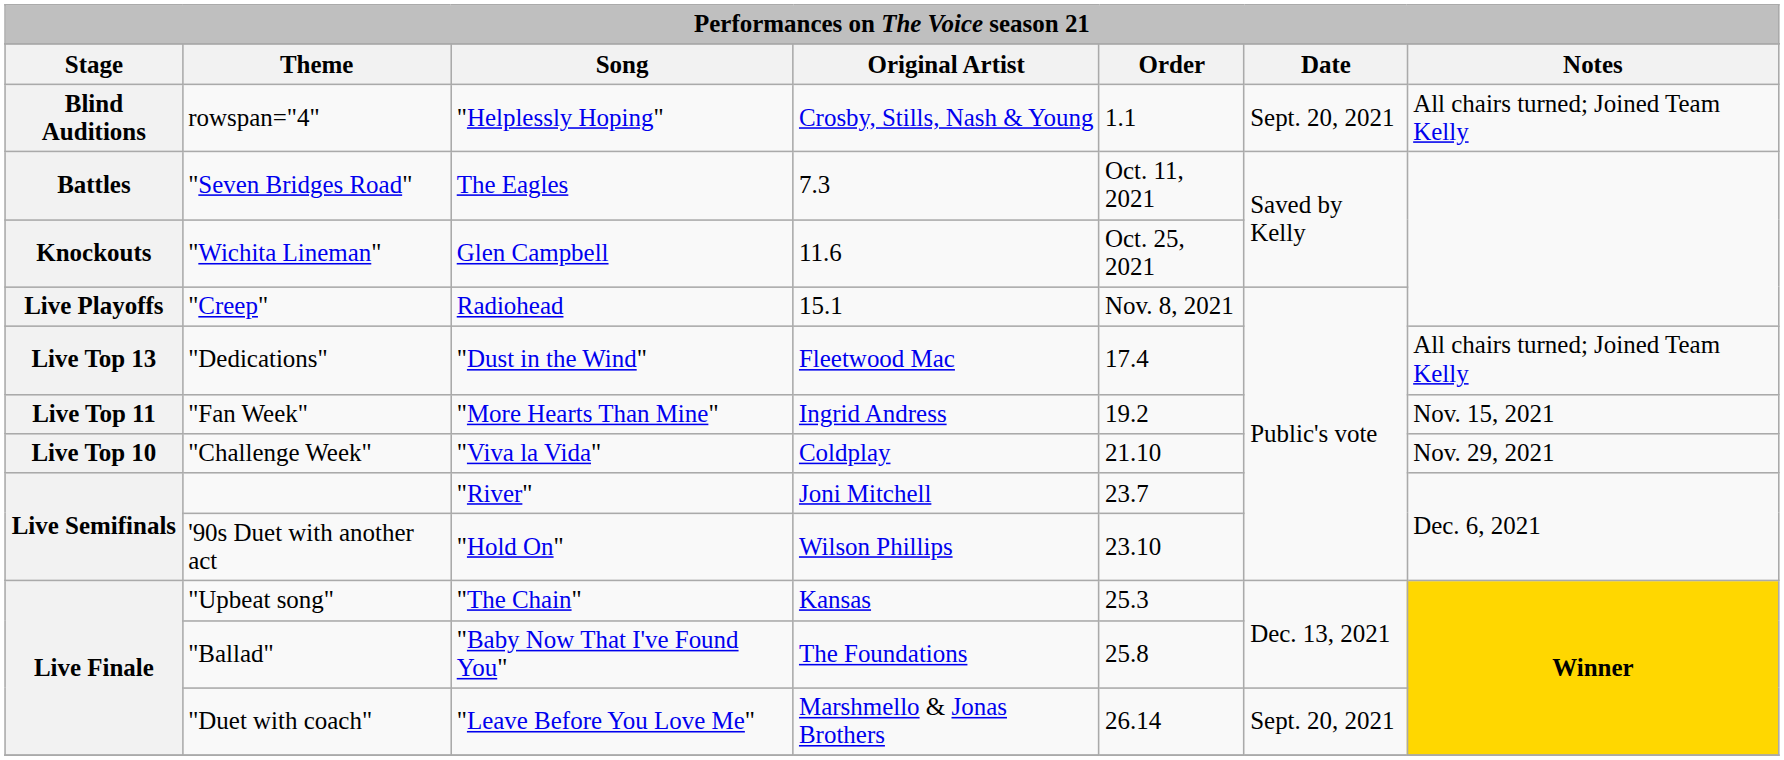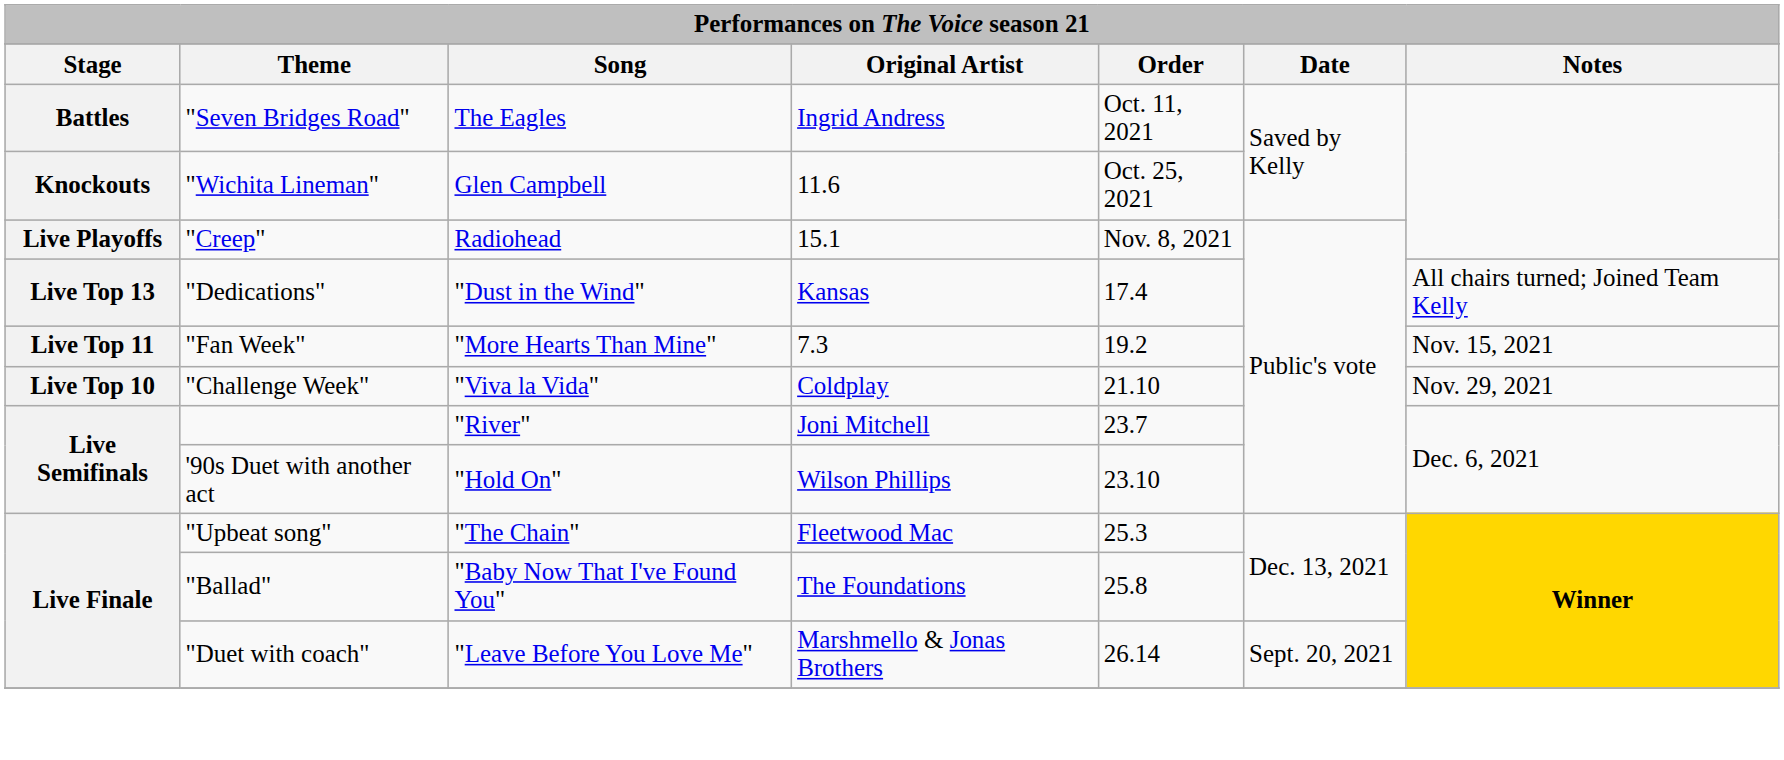 <table class="wikitable collapsible autocollapse" style="width:90%; margin:1em auto 1em auto;">
 <tr>
 <th colspan="7" style="background:#BFBFBF;">Performances on <em>The Voice</em> season 21</th>
 </tr>
 <tr>
 </tr>
 <tr>
 <th>Stage</th>
 <th>Theme</th>
 <th>Song</th>
 <th>Original Artist</th>
 <th>Order</th>
 <th>Date</th>
 <th>Notes</th>
 </tr>
 <tr>
-<th scope="row">Blind Auditions</th>
-<td>rowspan="4" </td>
-<td>"<a href='#'>Helplessly Hoping</a>"</td>
-<td><a href='#'>Crosby, Stills, Nash & Young</a></td>
-<td>1.1</td>
-<td>Sept. 20, 2021</td>
-<td>All chairs turned; Joined Team <a href='#'>Kelly</a></td>
-</tr>
-<tr>
 <th scope="row">Battles<br></th>
 <td>"<a href='#'>Seven Bridges Road</a>" </td>
 <td><a href='#'>The Eagles</a></td>
-<td>7.3</td>
+<td><a href='#'>Ingrid Andress</a></td>
 <td>Oct. 11, 2021</td>
 <td rowspan=2>Saved by Kelly</td>
 </tr>
 <tr>
 <th scope="row">Knockouts<br></th>
 <td>"<a href='#'>Wichita Lineman</a>" </td>
 <td><a href='#'>Glen Campbell</a></td>
 <td>11.6</td>
 <td>Oct. 25, 2021</td>
 </tr>
 <tr>
 <th scope="row">Live Playoffs<br></th>
 <td>"<a href='#'>Creep</a>"</td>
 <td><a href='#'>Radiohead</a></td>
 <td>15.1</td>
 <td>Nov. 8, 2021</td>
 <td rowspan=6>Public's vote</td>
 </tr>
 <tr>
 <th scope="row">Live Top 13</th>
 <td>"Dedications"</td>
 <td>"<a href='#'>Dust in the Wind</a>"</td>
-<td><a href='#'>Fleetwood Mac</a></td>
+<td><a href='#'>Kansas</a></td>
 <td>17.4</td>
 <td>All chairs turned; Joined Team <a href='#'>Kelly</a></td>
 </tr>
 <tr>
 <th scope="row">Live Top 11</th>
 <td>"Fan Week"</td>
 <td>"<a href='#'>More Hearts Than Mine</a>"</td>
-<td><a href='#'>Ingrid Andress</a></td>
+<td>7.3</td>
 <td>19.2</td>
 <td>Nov. 15, 2021</td>
 </tr>
 <tr>
 <th scope="row">Live Top 10</th>
 <td>"Challenge Week"</td>
 <td>"<a href='#'>Viva la Vida</a>"</td>
 <td><a href='#'>Coldplay</a></td>
 <td>21.10</td>
 <td>Nov. 29, 2021</td>
 </tr>
 <tr>
 <th rowspan=2>Live Semifinals<br></th>
 <td></td>
 <td>"<a href='#'>River</a>"</td>
 <td><a href='#'>Joni Mitchell</a></td>
 <td>23.7</td>
 <td rowspan=2>Dec. 6, 2021</td>
 </tr>
 <tr>
 <td>'90s Duet with another act</td>
 <td>"<a href='#'>Hold On</a>" </td>
 <td><a href='#'>Wilson Phillips</a></td>
 <td>23.10</td>
 </tr>
 <tr>
 <th rowspan=3>Live Finale<br></th>
 <td>"Upbeat song"</td>
 <td>"<a href='#'>The Chain</a>"</td>
-<td><a href='#'>Kansas</a></td>
+<td><a href='#'>Fleetwood Mac</a></td>
 <td>25.3</td>
 <td rowspan=2>Dec. 13, 2021</td>
 <th rowspan=3 style="background:gold;">Winner</th>
 </tr>
 <tr>
 <td>"Ballad"</td>
 <td>"<a href='#'>Baby Now That I've Found You</a>"</td>
 <td><a href='#'>The Foundations</a></td>
 <td>25.8</td>
 </tr>
 <tr>
 <td>"Duet with coach"</td>
 <td>"<a href='#'>Leave Before You Love Me</a>" </td>
 <td><a href='#'>Marshmello</a> & <a href='#'>Jonas Brothers</a></td>
 <td>26.14</td>
 <td>Sept. 20, 2021</td>
 </tr>
 <tr>
 </tr>
 </table>
